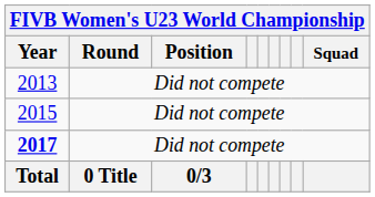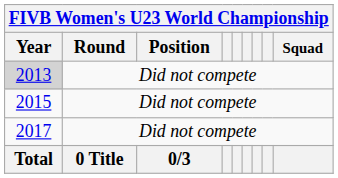 <table class="wikitable" style="text-align: center;">
 <tr>
 <th colspan=9><a href='#'>FIVB Women's U23 World Championship</a></th>
 </tr>
 <tr>
 <th>Year</th>
 <th>Round</th>
 <th>Position</th>
 <th></th>
 <th></th>
 <th></th>
 <th></th>
 <th></th>
 <th><small>Squad</small></th>
 </tr>
 <tr>
-<td> <a href='#'>2013</a></td>
+<td style="background: lightgrey;"> <a href='#'>2013</a></td>
 <td colspan="8" rowspan=1><em>Did not compete</em></td>
 </tr>
 <tr style="background:">
 <td> <a href='#'>2015</a></td>
 <td colspan="8" rowspan=1><em>Did not compete</em></td>
 </tr>
 <tr style="background:">
-<td><strong> <a href='#'>2017</a></strong></td>
+<td> <a href='#'>2017</a></td>
 <td colspan="8" rowspan=1><em>Did not compete</em></td>
 </tr>
 <tr style="background:">
 <th>Total</th>
 <th>0 Title</th>
 <th>0/3</th>
 <th></th>
 <th></th>
 <th></th>
 <th></th>
 <th></th>
 <th></th>
 </tr>
 </table>
